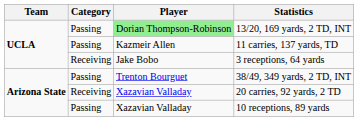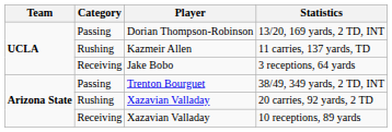 <table class="wikitable" style="float: right;">
 <tr>
 <th>Team</th>
 <th>Category</th>
 <th>Player</th>
 <th>Statistics</th>
 </tr>
 <tr>
 <td rowspan=3><strong>UCLA</strong></td>
 <td>Passing</td>
-<td style="background: lightgreen;">Dorian Thompson-Robinson</td>
+<td>Dorian Thompson-Robinson</td>
 <td>13/20, 169 yards, 2 TD, INT</td>
 </tr>
 <tr>
-<td>Passing</td>
+<td>Rushing</td>
 <td>Kazmeir Allen</td>
 <td>11 carries, 137 yards, TD</td>
 </tr>
 <tr>
 <td>Receiving</td>
 <td>Jake Bobo</td>
 <td>3 receptions, 64 yards</td>
 </tr>
 <tr>
 <td rowspan=3><strong>Arizona State</strong></td>
 <td>Passing</td>
 <td><a href='#'>Trenton Bourguet</a></td>
 <td>38/49, 349 yards, 2 TD, INT</td>
 </tr>
 <tr>
-<td>Receiving</td>
+<td>Rushing</td>
 <td><a href='#'>Xazavian Valladay</a></td>
 <td>20 carries, 92 yards, 2 TD</td>
 </tr>
 <tr>
-<td>Passing</td>
+<td>Receiving</td>
 <td>Xazavian Valladay</td>
 <td>10 receptions, 89 yards</td>
 </tr>
 </table>
